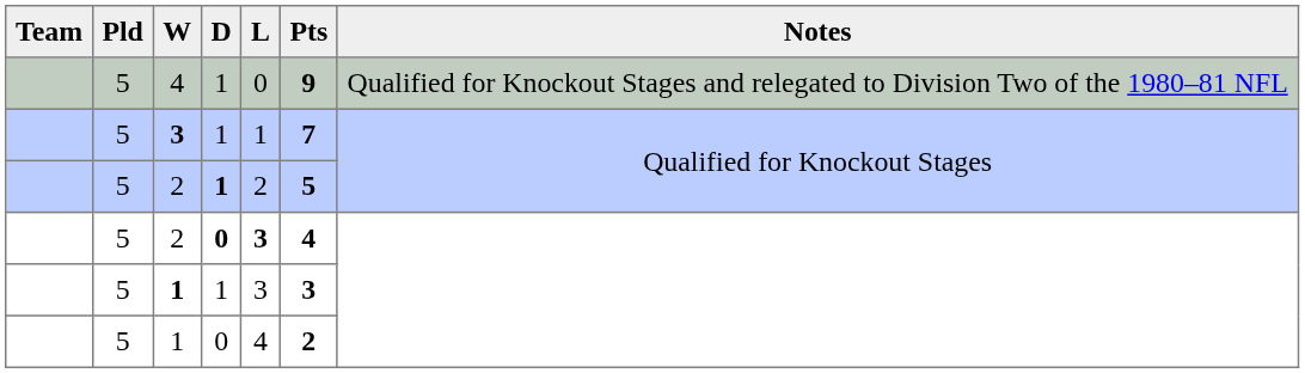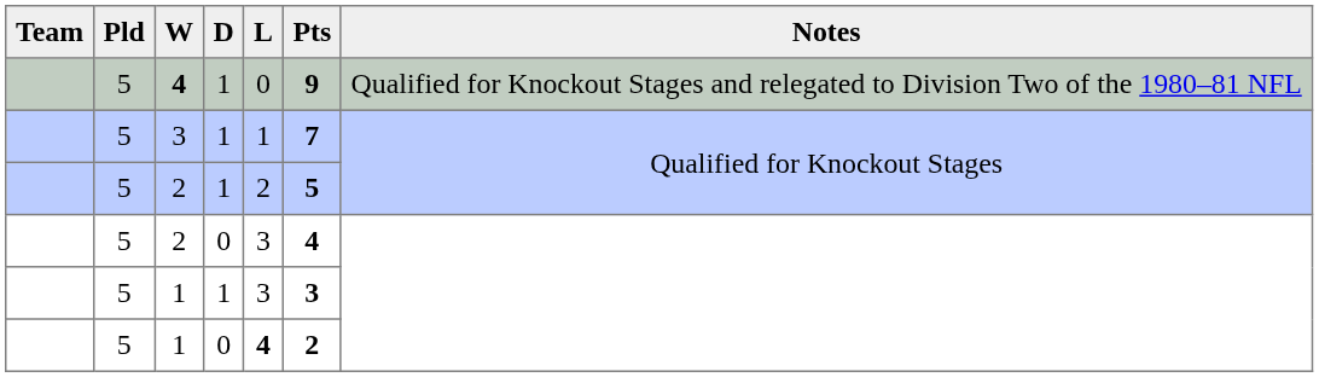 <table style=border-collapse:collapse border=1 cellspacing=0 cellpadding=5>
 <tr align=center bgcolor=#efefef>
 <th>Team</th>
 <th>Pld</th>
 <th>W</th>
 <th>D</th>
 <th>L</th>
 <th>Pts</th>
 <th>Notes</th>
 </tr>
 <tr align=center style="background:#C1CDC1">
 <td style="text-align:left;"> </td>
 <td>5</td>
-<td>4</td>
+<td><strong>4</strong></td>
 <td>1</td>
 <td>0</td>
 <td><strong>9</strong></td>
 <td rowspan=1>Qualified for Knockout Stages and relegated to Division Two of the <a href='#'>1980–81 NFL</a></td>
 </tr>
 <tr align=center style="background:#bbccff;">
 <td style="text-align:left;"> </td>
 <td>5</td>
-<td><strong>3</strong></td>
+<td>3</td>
 <td>1</td>
 <td>1</td>
 <td><strong>7</strong></td>
 <td rowspan=2>Qualified for Knockout Stages</td>
 </tr>
 <tr align=center style="background:#bbccff;">
 <td style="text-align:left;"> </td>
 <td>5</td>
 <td>2</td>
-<td><strong>1</strong></td>
+<td>1</td>
 <td>2</td>
 <td><strong>5</strong></td>
 </tr>
 <tr align=center style="background:#FFFFFF;">
 <td style="text-align:left;"> </td>
 <td>5</td>
 <td>2</td>
-<td><strong>0</strong></td>
-<td><strong>3</strong></td>
+<td>0</td>
+<td>3</td>
 <td><strong>4</strong></td>
 <td rowspan=3></td>
 </tr>
 <tr align=center style="background:#FFFFFF;">
 <td style="text-align:left;"> </td>
 <td>5</td>
-<td><strong>1</strong></td>
+<td>1</td>
 <td>1</td>
 <td>3</td>
 <td><strong>3</strong></td>
 </tr>
 <tr align=center style="background:#FFFFFF;">
 <td style="text-align:left;"> </td>
 <td>5</td>
 <td>1</td>
 <td>0</td>
-<td>4</td>
+<td><strong>4</strong></td>
 <td><strong>2</strong></td>
 </tr>
 </table>
